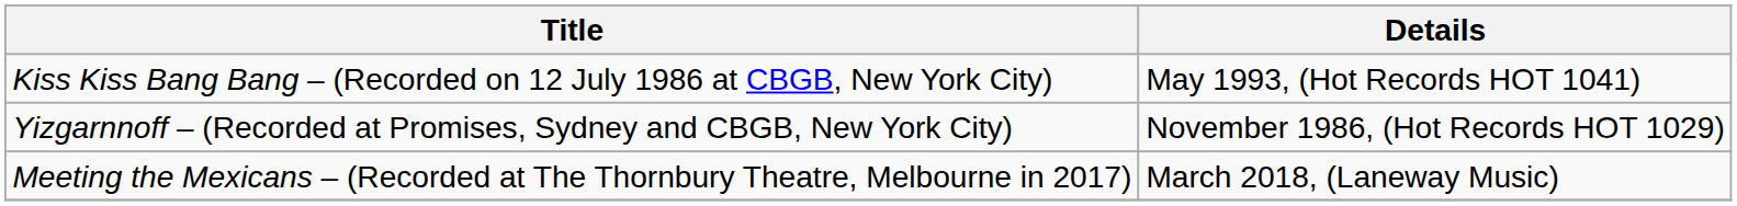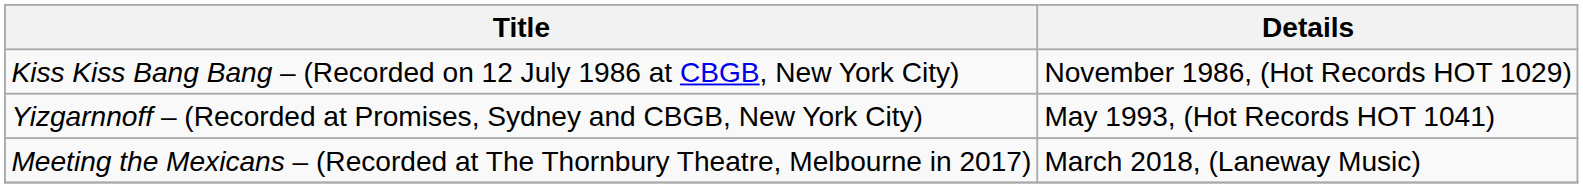 <table class="wikitable" style="font-size: 95%;">
 <tr>
 <th>Title</th>
 <th>Details</th>
 </tr>
 <tr>
 <td><em>Kiss Kiss Bang Bang</em> – (Recorded on 12 July 1986 at <a href='#'>CBGB</a>, New York City)</td>
-<td>May 1993, (Hot Records HOT 1041)</td>
+<td>November 1986, (Hot Records HOT 1029)</td>
 </tr>
 <tr>
 <td><em>Yizgarnnoff</em> – (Recorded at Promises, Sydney and CBGB, New York City)</td>
-<td>November 1986, (Hot Records HOT 1029)</td>
+<td>May 1993, (Hot Records HOT 1041)</td>
 </tr>
 <tr>
 <td><em>Meeting the Mexicans</em> – (Recorded at The Thornbury Theatre, Melbourne in 2017)</td>
 <td>March 2018, (Laneway Music)</td>
 </tr>
 <tr>
 </tr>
 </table>
